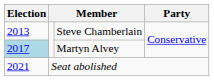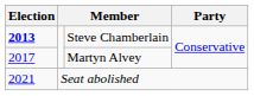 <table class="wikitable">
 <tr>
 <th>Election</th>
 <th colspan="2">Member</th>
 <th>Party</th>
 </tr>
 <tr>
-<td><a href='#'>2013</a></td>
+<td><strong><a href='#'>2013</a></strong></td>
 <td rowspan="2" style="background-color: "></td>
 <td rowspan="1">Steve Chamberlain</td>
 <td rowspan="2"><a href='#'>Conservative</a></td>
 </tr>
 <tr>
-<td style="background: lightblue;"><a href='#'>2017</a></td>
+<td><a href='#'>2017</a></td>
 <td rowspan="1">Martyn Alvey</td>
 </tr>
 <tr>
 <td><a href='#'>2021</a></td>
 <td colspan="3"><em>Seat abolished</em></td>
 </tr>
 </table>
